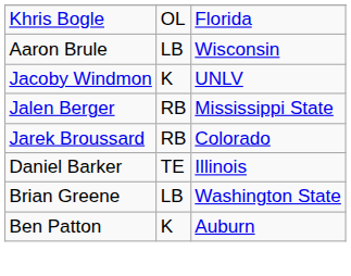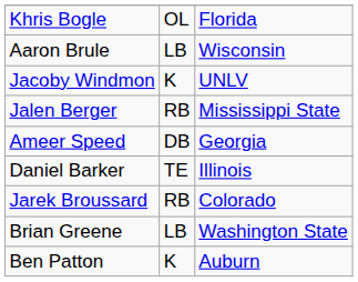 <table class="wikitable" style="display: inline-table;">
 <tr align="center">
 </tr>
 <tr>
 <td><a href='#'>Khris Bogle</a></td>
 <td>OL</td>
 <td><a href='#'>Florida</a></td>
 </tr>
 <tr>
 <td>Aaron Brule</td>
 <td>LB</td>
 <td><a href='#'>Wisconsin</a></td>
 </tr>
 <tr>
 <td><a href='#'>Jacoby Windmon</a></td>
 <td>K</td>
 <td><a href='#'>UNLV</a></td>
 </tr>
 <tr>
 <td><a href='#'>Jalen Berger</a></td>
 <td>RB</td>
 <td><a href='#'>Mississippi State</a></td>
 </tr>
 <tr>
-<td><a href='#'>Jarek Broussard</a></td>
-<td>RB</td>
-<td><a href='#'>Colorado</a></td>
+<td><a href='#'>Ameer Speed</a></td>
+<td>DB</td>
+<td><a href='#'>Georgia</a></td>
 </tr>
 <tr>
 <td>Daniel Barker</td>
 <td>TE</td>
 <td><a href='#'>Illinois</a></td>
+</tr>
+<tr>
+<td><a href='#'>Jarek Broussard</a></td>
+<td>RB</td>
+<td><a href='#'>Colorado</a></td>
 </tr>
 <tr>
 <td>Brian Greene</td>
 <td>LB</td>
 <td><a href='#'>Washington State</a></td>
 </tr>
 <tr>
 <td>Ben Patton</td>
 <td>K</td>
 <td><a href='#'>Auburn</a></td>
 </tr>
 </table>
